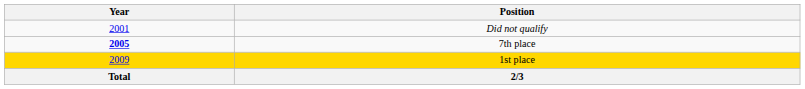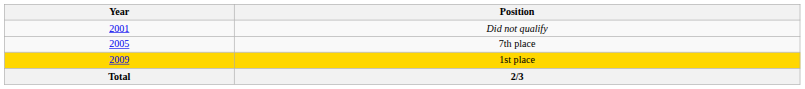 <table class="wikitable" width=100% style="font-size:100%; text-align:center;">
 <tr>
 <th>Year</th>
 <th>Position</th>
 </tr>
 <tr>
 <td> <a href='#'>2001</a></td>
 <td><em>Did not qualify</em></td>
 </tr>
 <tr>
-<td><strong> <a href='#'>2005</a></strong></td>
+<td> <a href='#'>2005</a></td>
 <td>7th place</td>
 </tr>
 <tr bgcolor=gold>
 <td> <a href='#'>2009</a></td>
 <td>1st place</td>
 </tr>
 <tr>
 <th>Total</th>
 <th>2/3</th>
 </tr>
 </table>
